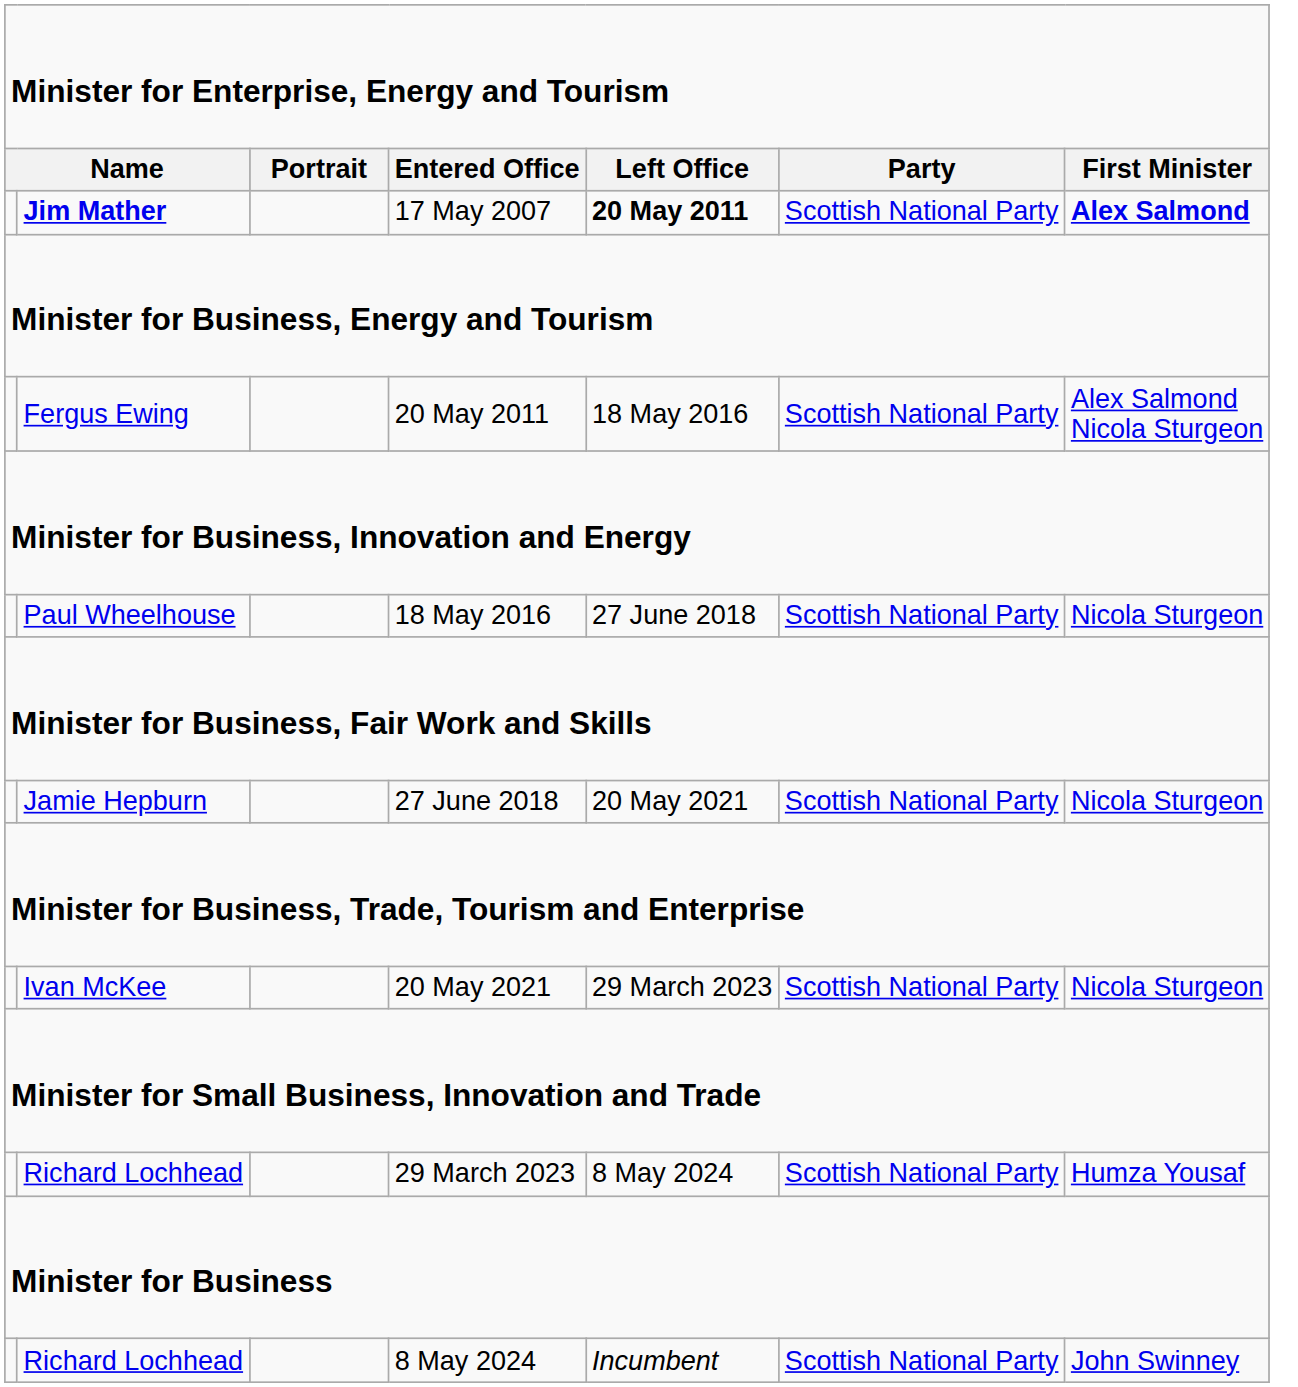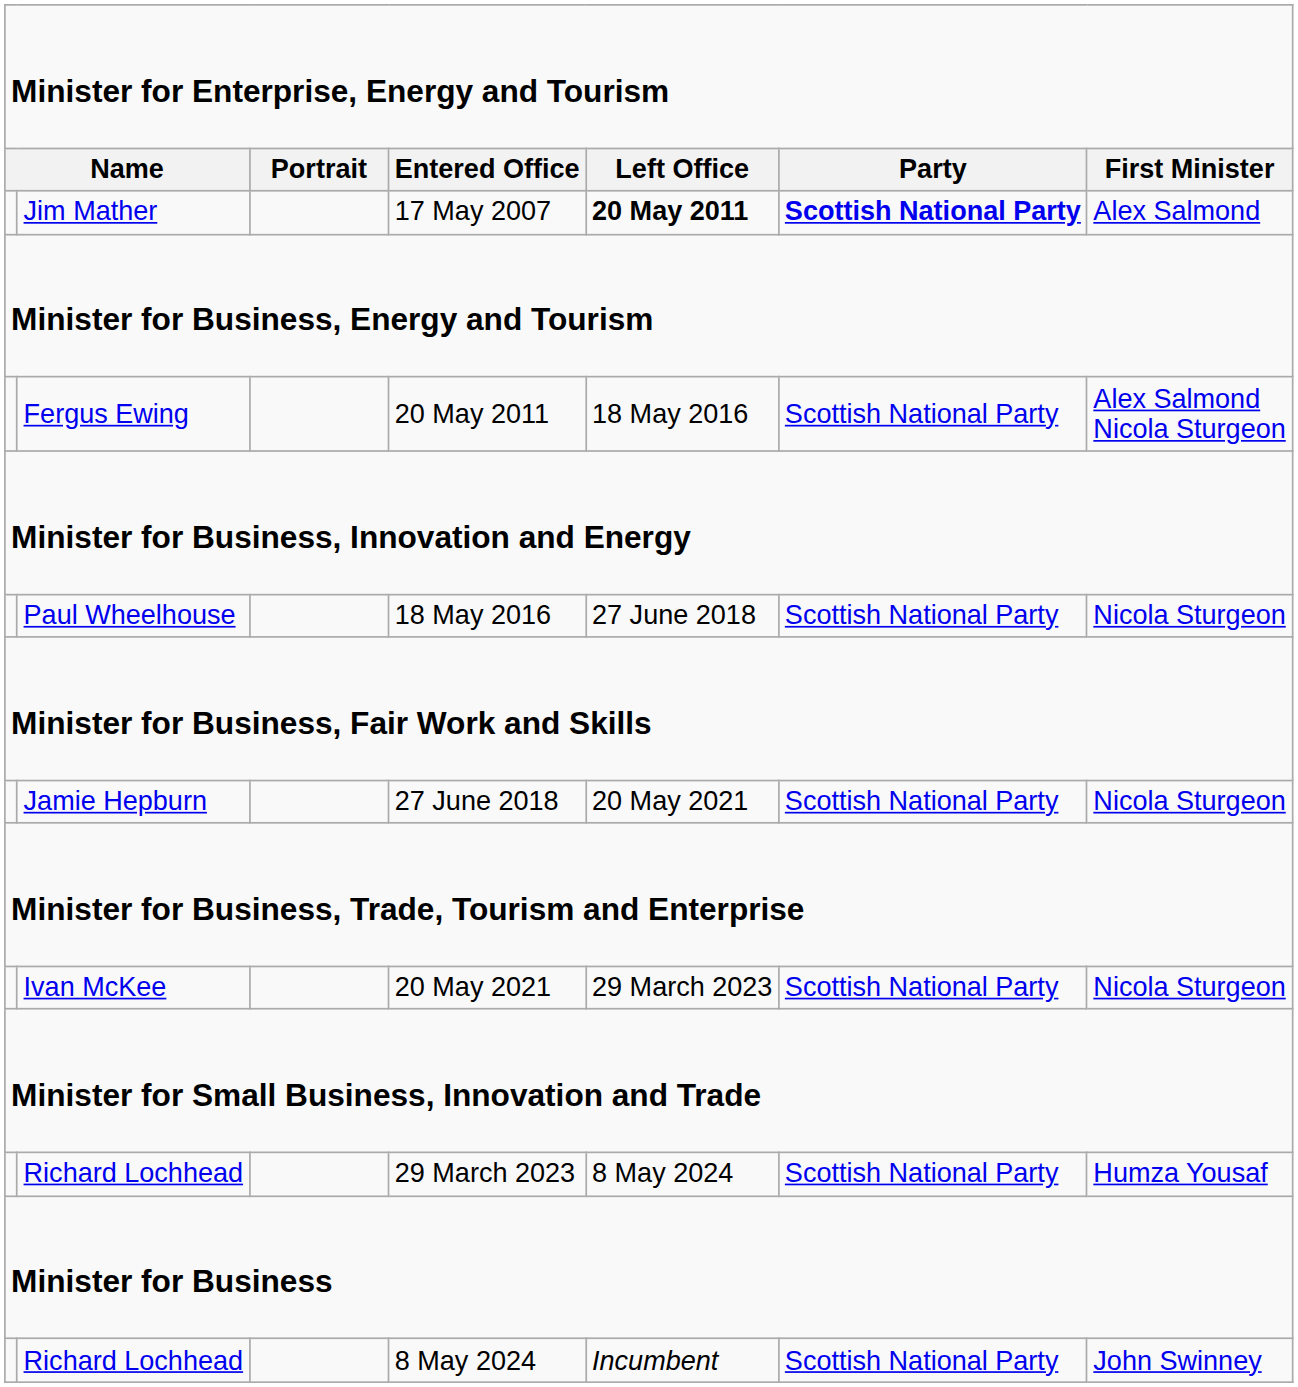 <table class="wikitable" style="margin: 0 0 0 1em; background: #f9f9f9; border: 1px #aaaaaa solid; border-collapse: collapse; ">
 <tr>
 <td colspan="8"><br><h3>Minister for Enterprise, Energy and Tourism</h3></td>
 </tr>
 <tr>
 <th colspan="2">Name</th>
 <th width=75>Portrait</th>
 <th>Entered Office</th>
 <th>Left Office</th>
 <th>Party</th>
 <th>First Minister</th>
 </tr>
 <tr>
 <td></td>
-<td><strong><a href='#'>Jim Mather</a></strong></td>
+<td><a href='#'>Jim Mather</a></td>
 <td></td>
 <td>17 May 2007</td>
 <td><strong>20 May 2011</strong></td>
-<td><a href='#'>Scottish National Party</a></td>
-<td><strong><a href='#'>Alex Salmond</a></strong></td>
+<td><strong><a href='#'>Scottish National Party</a></strong></td>
+<td><a href='#'>Alex Salmond</a></td>
 </tr>
 <tr>
 <td colspan="8"><br><h3>Minister for Business, Energy and Tourism</h3></td>
 </tr>
 <tr>
 <td></td>
 <td><a href='#'>Fergus Ewing</a></td>
 <td></td>
 <td>20 May 2011</td>
 <td>18 May 2016</td>
 <td><a href='#'>Scottish National Party</a></td>
 <td><a href='#'>Alex Salmond</a> <br> <a href='#'>Nicola Sturgeon</a></td>
 </tr>
 <tr>
 <td colspan="8"><br><h3>Minister for Business, Innovation and Energy</h3></td>
 </tr>
 <tr>
 <td></td>
 <td><a href='#'>Paul Wheelhouse</a></td>
 <td></td>
 <td>18 May 2016</td>
 <td>27 June 2018</td>
 <td><a href='#'>Scottish National Party</a></td>
 <td><a href='#'>Nicola Sturgeon</a></td>
 </tr>
 <tr>
 <td colspan="8"><br><h3>Minister for Business, Fair Work and Skills</h3></td>
 </tr>
 <tr>
 <td></td>
 <td><a href='#'>Jamie Hepburn</a></td>
 <td></td>
 <td>27 June 2018</td>
 <td>20 May 2021</td>
 <td><a href='#'>Scottish National Party</a></td>
 <td><a href='#'>Nicola Sturgeon</a></td>
 </tr>
 <tr>
 <td colspan="8"><br><h3>Minister for Business, Trade, Tourism and Enterprise</h3></td>
 </tr>
 <tr>
 <td></td>
 <td><a href='#'>Ivan McKee</a></td>
 <td></td>
 <td>20 May 2021</td>
 <td>29 March 2023</td>
 <td><a href='#'>Scottish National Party</a></td>
 <td><a href='#'>Nicola Sturgeon</a></td>
 </tr>
 <tr>
 <td colspan="8"><br><h3>Minister for Small Business, Innovation and Trade</h3></td>
 </tr>
 <tr>
 <td></td>
 <td><a href='#'>Richard Lochhead</a></td>
 <td></td>
 <td>29 March 2023</td>
 <td>8 May 2024</td>
 <td><a href='#'>Scottish National Party</a></td>
 <td><a href='#'>Humza Yousaf</a></td>
 </tr>
 <tr>
 <td colspan="8"><br><h3>Minister for Business</h3></td>
 </tr>
 <tr>
 <td></td>
 <td><a href='#'>Richard Lochhead</a></td>
 <td></td>
 <td>8 May 2024</td>
 <td><em>Incumbent</em></td>
 <td><a href='#'>Scottish National Party</a></td>
 <td><a href='#'>John Swinney</a></td>
 </tr>
 </table>
